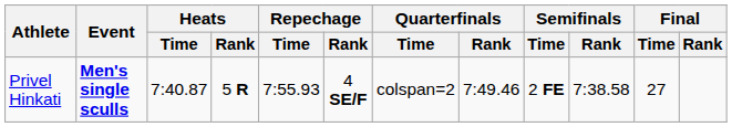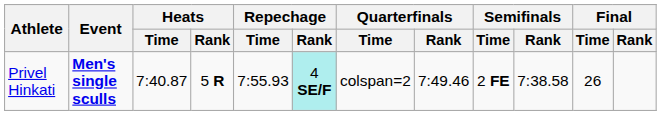 <table class="wikitable" style="font-size:90%">
 <tr>
 <th rowspan="2">Athlete</th>
 <th rowspan="2">Event</th>
 <th colspan="2">Heats</th>
 <th colspan="2">Repechage</th>
 <th colspan="2">Quarterfinals</th>
 <th colspan="2">Semifinals</th>
 <th colspan="2">Final</th>
 </tr>
 <tr style="font-size:95%">
 <th>Time</th>
 <th>Rank</th>
 <th>Time</th>
 <th>Rank</th>
 <th>Time</th>
 <th>Rank</th>
 <th>Time</th>
 <th>Rank</th>
 <th>Time</th>
 <th>Rank</th>
 </tr>
 <tr align=center>
 <td align=left><a href='#'>Privel Hinkati</a></td>
 <td align=left><strong><a href='#'>Men's single sculls</a></strong></td>
 <td>7:40.87</td>
 <td>5 <strong>R</strong></td>
 <td>7:55.93</td>
-<td>4 <strong>SE/F</strong></td>
+<td style="background: paleturquoise;">4 <strong>SE/F</strong></td>
 <td>colspan=2 </td>
 <td>7:49.46</td>
 <td>2 <strong>FE</strong></td>
 <td>7:38.58</td>
-<td>27</td>
+<td>26</td>
 </tr>
 </table>
